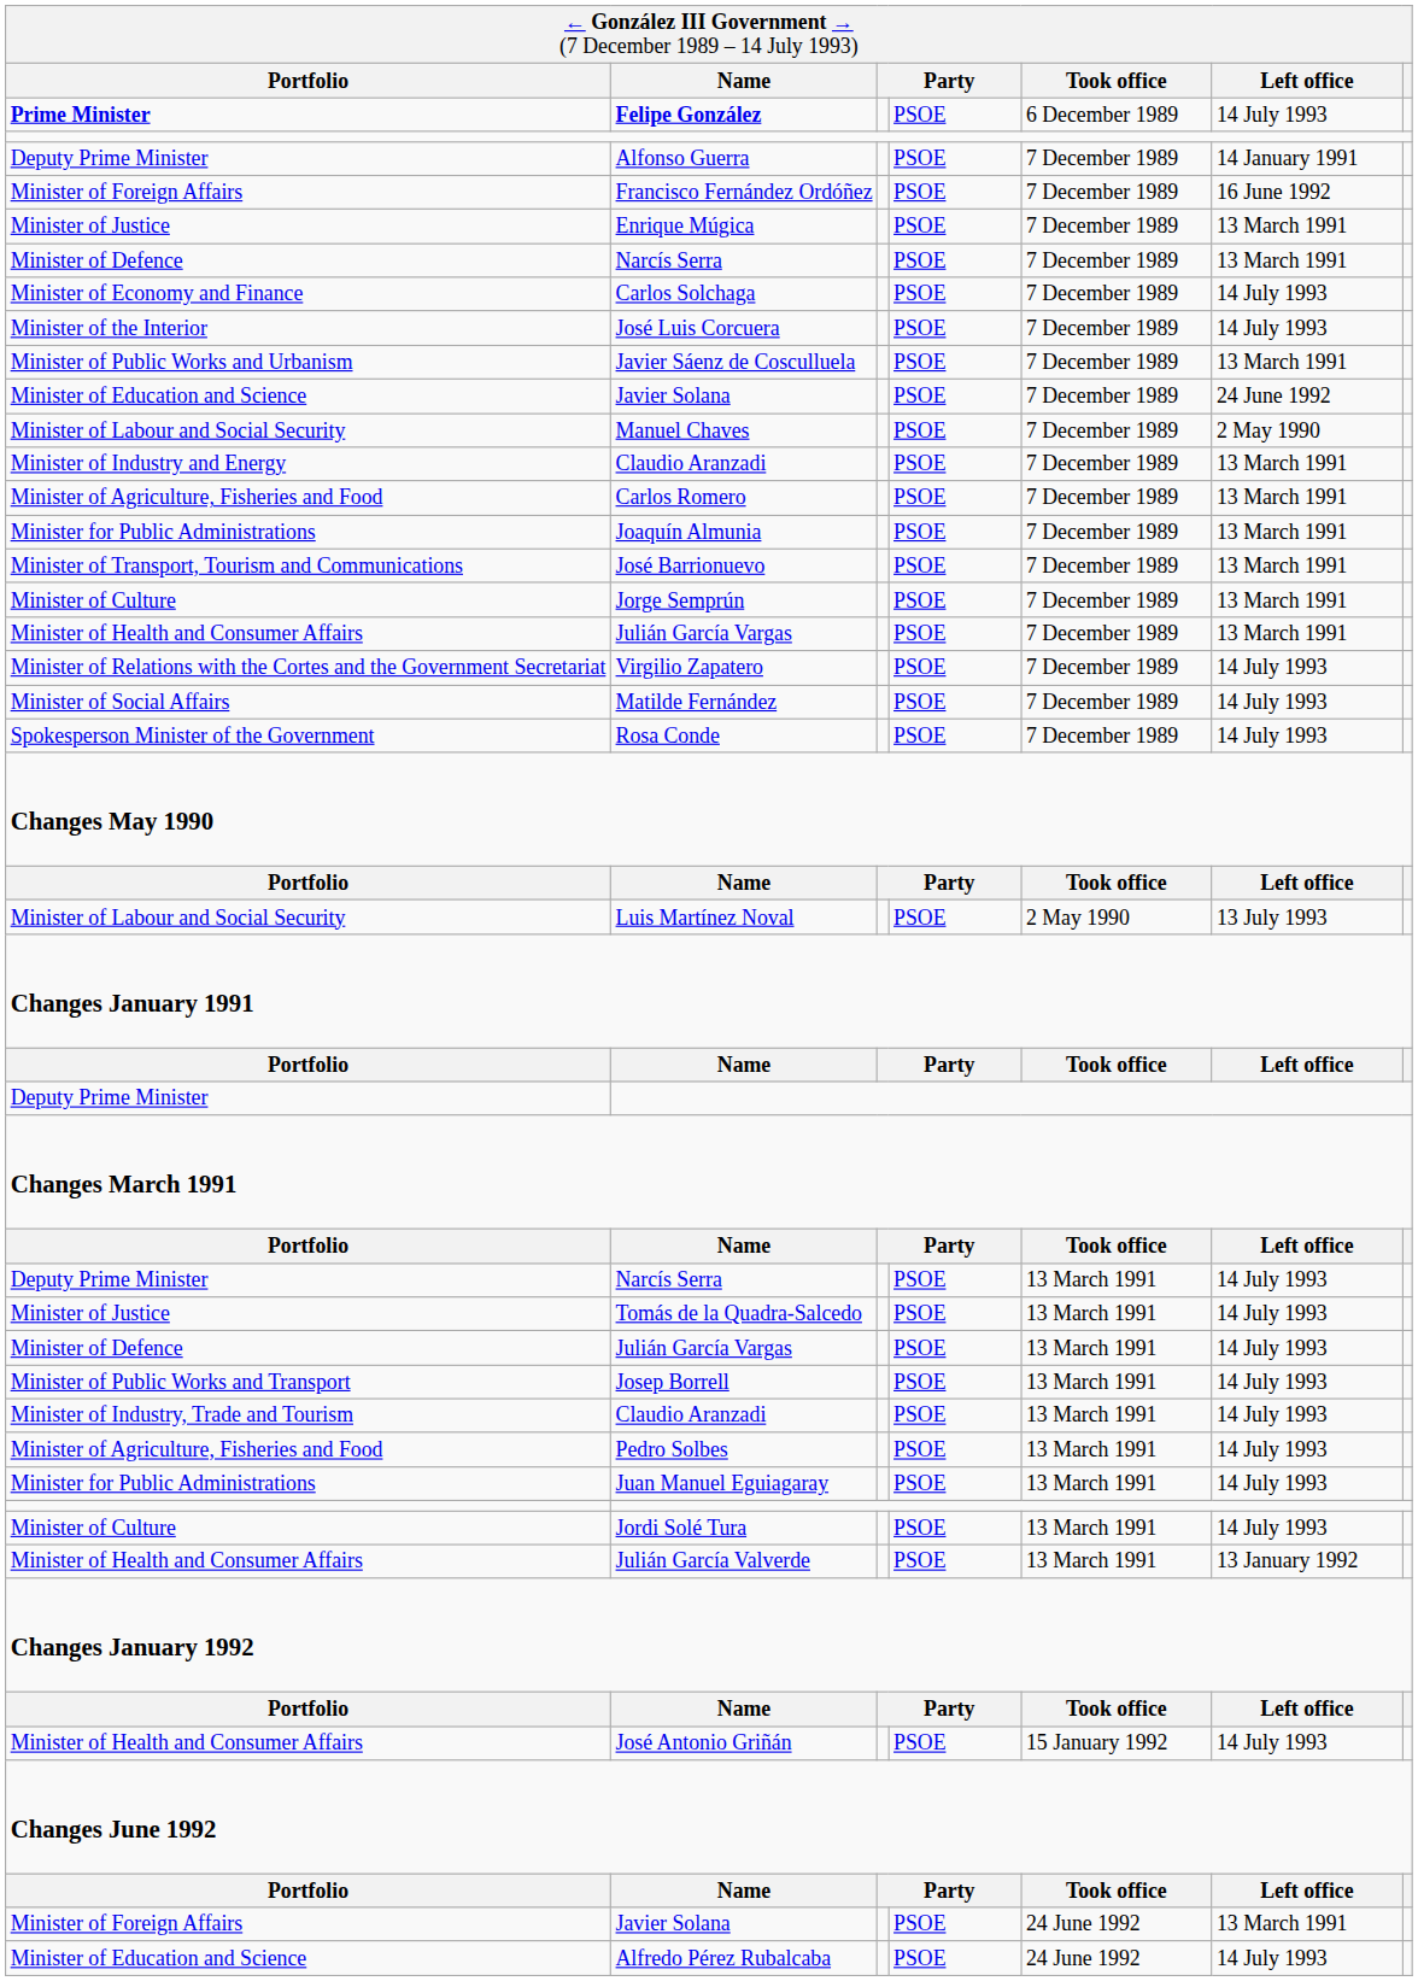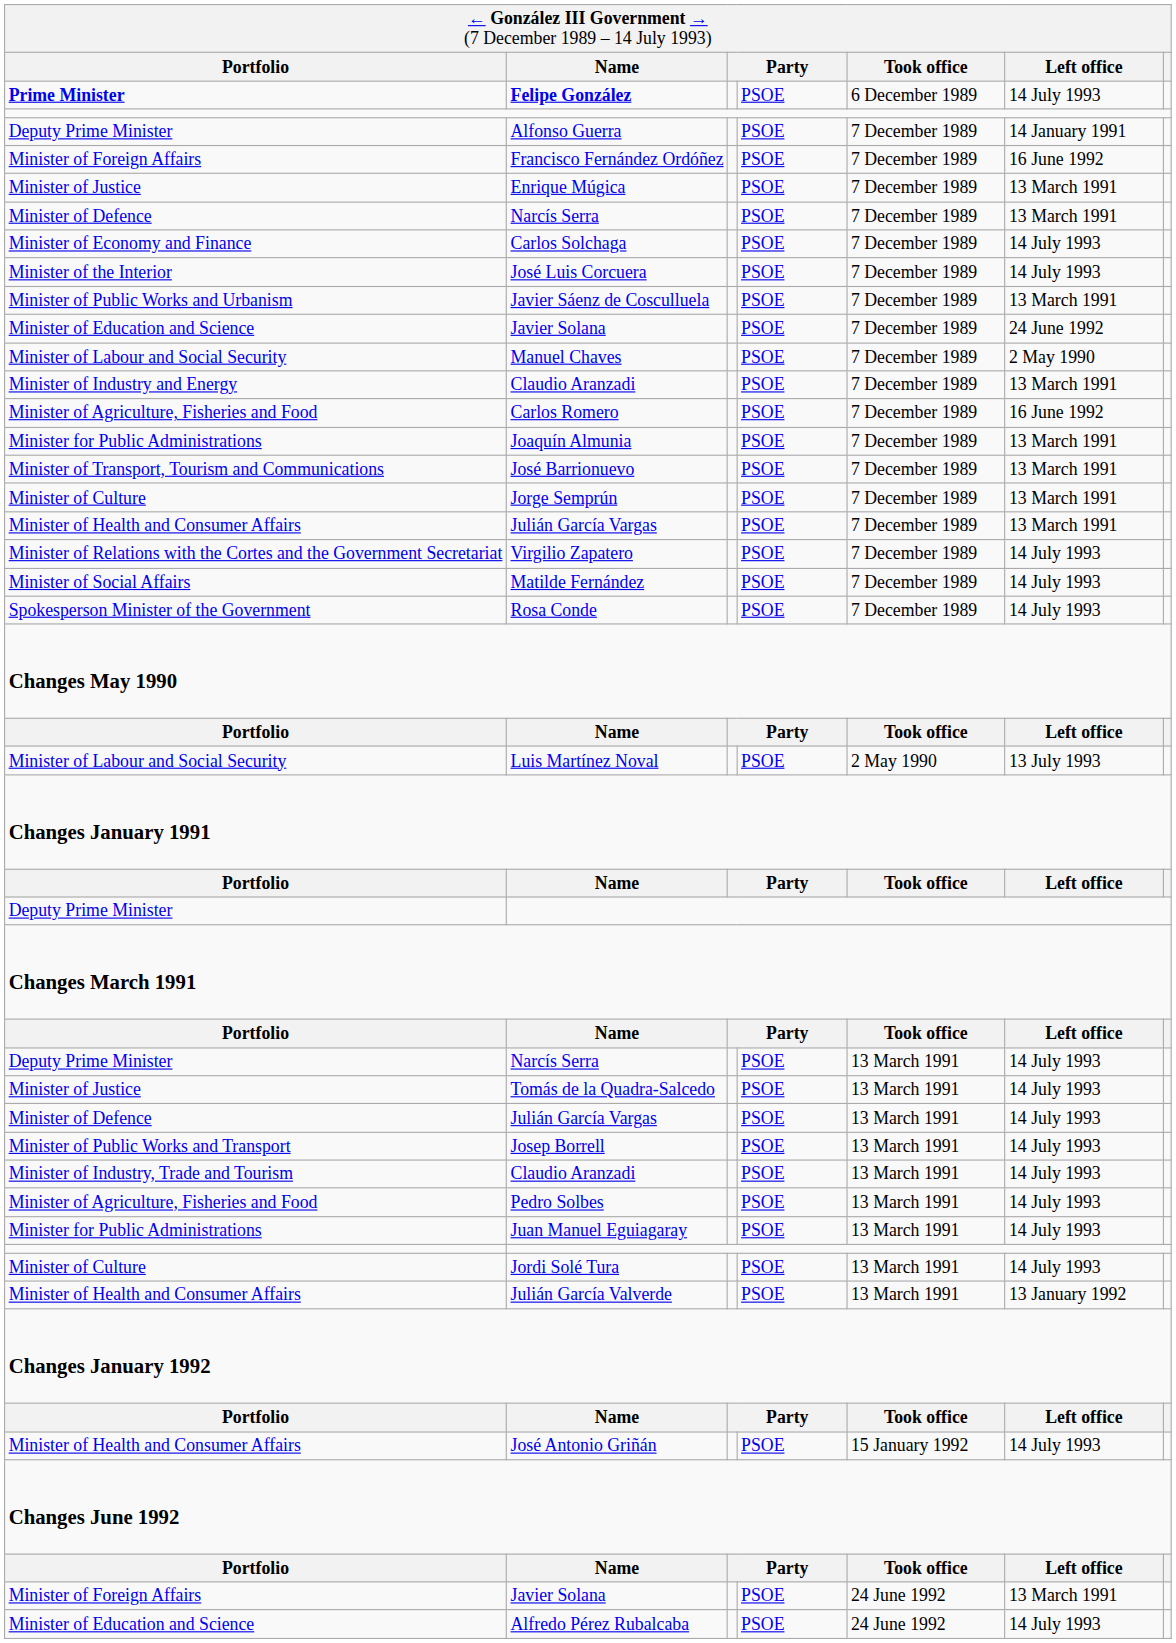 <table class="wikitable">
 <tr>
 <td colspan="7" bgcolor="#F2F2F2" align="center"><a href='#'>←</a> <strong>González III Government</strong> <a href='#'>→</a><br>(7 December 1989 – 14 July 1993)</td>
 </tr>
 <tr>
 <th>Portfolio</th>
 <th>Name</th>
 <th width="100px" colspan="2">Party</th>
 <th width="135px">Took office</th>
 <th width="135px">Left office</th>
 <th></th>
 </tr>
 <tr>
 <td><strong><a href='#'>Prime Minister</a></strong></td>
 <td><strong><a href='#'>Felipe González</a></strong></td>
 <td width="1" style="background-color:"></td>
 <td><a href='#'>PSOE</a></td>
 <td>6 December 1989</td>
 <td>14 July 1993</td>
 <td align="center"></td>
 </tr>
 <tr>
 <td colspan="7"></td>
 </tr>
 <tr>
 <td><a href='#'>Deputy Prime Minister</a></td>
 <td><a href='#'>Alfonso Guerra</a></td>
 <td style="background-color:"></td>
 <td><a href='#'>PSOE</a></td>
 <td>7 December 1989</td>
 <td>14 January 1991</td>
 <td align="center"></td>
 </tr>
 <tr>
 <td><a href='#'>Minister of Foreign Affairs</a></td>
 <td><a href='#'>Francisco Fernández Ordóñez</a></td>
 <td style="background-color:"></td>
 <td><a href='#'>PSOE</a></td>
 <td>7 December 1989</td>
 <td>16 June 1992</td>
 <td align="center"></td>
 </tr>
 <tr>
 <td><a href='#'>Minister of Justice</a></td>
 <td><a href='#'>Enrique Múgica</a></td>
 <td style="background-color:"></td>
 <td><a href='#'>PSOE</a></td>
 <td>7 December 1989</td>
 <td>13 March 1991</td>
 <td align="center"></td>
 </tr>
 <tr>
 <td><a href='#'>Minister of Defence</a></td>
 <td><a href='#'>Narcís Serra</a></td>
 <td style="background-color:"></td>
 <td><a href='#'>PSOE</a> </td>
 <td>7 December 1989</td>
 <td>13 March 1991</td>
 <td align="center"></td>
 </tr>
 <tr>
 <td><a href='#'>Minister of Economy and Finance</a></td>
 <td><a href='#'>Carlos Solchaga</a></td>
 <td style="background-color:"></td>
 <td><a href='#'>PSOE</a></td>
 <td>7 December 1989</td>
 <td>14 July 1993</td>
 <td align="center"></td>
 </tr>
 <tr>
 <td><a href='#'>Minister of the Interior</a></td>
 <td><a href='#'>José Luis Corcuera</a></td>
 <td style="background-color:"></td>
 <td><a href='#'>PSOE</a></td>
 <td>7 December 1989</td>
 <td>14 July 1993</td>
 <td align="center"></td>
 </tr>
 <tr>
 <td><a href='#'>Minister of Public Works and Urbanism</a></td>
 <td><a href='#'>Javier Sáenz de Cosculluela</a></td>
 <td style="background-color:"></td>
 <td><a href='#'>PSOE</a></td>
 <td>7 December 1989</td>
 <td>13 March 1991</td>
 <td align="center"></td>
 </tr>
 <tr>
 <td><a href='#'>Minister of Education and Science</a></td>
 <td><a href='#'>Javier Solana</a></td>
 <td style="background-color:"></td>
 <td><a href='#'>PSOE</a></td>
 <td>7 December 1989</td>
 <td>24 June 1992</td>
 <td align="center"></td>
 </tr>
 <tr>
 <td><a href='#'>Minister of Labour and Social Security</a></td>
 <td><a href='#'>Manuel Chaves</a></td>
 <td style="background-color:"></td>
 <td><a href='#'>PSOE</a></td>
 <td>7 December 1989</td>
 <td>2 May 1990</td>
 <td align="center"></td>
 </tr>
 <tr>
 <td><a href='#'>Minister of Industry and Energy</a></td>
 <td><a href='#'>Claudio Aranzadi</a></td>
 <td style="background-color:"></td>
 <td><a href='#'>PSOE</a> </td>
 <td>7 December 1989</td>
 <td>13 March 1991</td>
 <td align="center"></td>
 </tr>
 <tr>
 <td><a href='#'>Minister of Agriculture, Fisheries and Food</a></td>
 <td><a href='#'>Carlos Romero</a></td>
 <td style="background-color:"></td>
 <td><a href='#'>PSOE</a></td>
 <td>7 December 1989</td>
-<td>13 March 1991</td>
+<td>16 June 1992</td>
 <td align="center"></td>
 </tr>
 <tr>
 <td><a href='#'>Minister for Public Administrations</a></td>
 <td><a href='#'>Joaquín Almunia</a></td>
 <td style="background-color:"></td>
 <td><a href='#'>PSOE</a></td>
 <td>7 December 1989</td>
 <td>13 March 1991</td>
 <td align="center"></td>
 </tr>
 <tr>
 <td><a href='#'>Minister of Transport, Tourism and Communications</a></td>
 <td><a href='#'>José Barrionuevo</a></td>
 <td style="background-color:"></td>
 <td><a href='#'>PSOE</a></td>
 <td>7 December 1989</td>
 <td>13 March 1991</td>
 <td align="center"></td>
 </tr>
 <tr>
 <td><a href='#'>Minister of Culture</a></td>
 <td><a href='#'>Jorge Semprún</a></td>
 <td style="background-color:"></td>
 <td><a href='#'>PSOE</a> </td>
 <td>7 December 1989</td>
 <td>13 March 1991</td>
 <td align="center"></td>
 </tr>
 <tr>
 <td><a href='#'>Minister of Health and Consumer Affairs</a></td>
 <td><a href='#'>Julián García Vargas</a></td>
 <td style="background-color:"></td>
 <td><a href='#'>PSOE</a></td>
 <td>7 December 1989</td>
 <td>13 March 1991</td>
 <td align="center"></td>
 </tr>
 <tr>
 <td><a href='#'>Minister of Relations with the Cortes and the Government Secretariat</a></td>
 <td><a href='#'>Virgilio Zapatero</a></td>
 <td style="background-color:"></td>
 <td><a href='#'>PSOE</a></td>
 <td>7 December 1989</td>
 <td>14 July 1993</td>
 <td align="center"></td>
 </tr>
 <tr>
 <td><a href='#'>Minister of Social Affairs</a></td>
 <td><a href='#'>Matilde Fernández</a></td>
 <td style="background-color:"></td>
 <td><a href='#'>PSOE</a></td>
 <td>7 December 1989</td>
 <td>14 July 1993</td>
 <td align="center"></td>
 </tr>
 <tr>
 <td><a href='#'>Spokesperson Minister of the Government</a></td>
 <td><a href='#'>Rosa Conde</a></td>
 <td style="background-color:"></td>
 <td><a href='#'>PSOE</a> </td>
 <td>7 December 1989</td>
 <td>14 July 1993</td>
 <td align="center"></td>
 </tr>
 <tr>
 <td colspan="7"><br><h3>Changes May 1990</h3></td>
 </tr>
 <tr>
 <th>Portfolio</th>
 <th>Name</th>
 <th colspan="2">Party</th>
 <th>Took office</th>
 <th>Left office</th>
 <th></th>
 </tr>
 <tr>
 <td><a href='#'>Minister of Labour and Social Security</a></td>
 <td><a href='#'>Luis Martínez Noval</a></td>
 <td style="background-color:"></td>
 <td><a href='#'>PSOE</a></td>
 <td>2 May 1990</td>
 <td>13 July 1993</td>
 <td align="center"></td>
 </tr>
 <tr>
 <td colspan="7"><br><h3>Changes January 1991</h3></td>
 </tr>
 <tr>
 <th>Portfolio</th>
 <th>Name</th>
 <th colspan="2">Party</th>
 <th>Took office</th>
 <th>Left office</th>
 <th></th>
 </tr>
 <tr>
 <td><a href='#'>Deputy Prime Minister</a></td>
 <td colspan="6"></td>
 </tr>
 <tr>
 <td colspan="7"><br><h3>Changes March 1991</h3></td>
 </tr>
 <tr>
 <th>Portfolio</th>
 <th>Name</th>
 <th colspan="2">Party</th>
 <th>Took office</th>
 <th>Left office</th>
 <th></th>
 </tr>
 <tr>
 <td><a href='#'>Deputy Prime Minister</a></td>
 <td><a href='#'>Narcís Serra</a></td>
 <td style="background-color:"></td>
 <td><a href='#'>PSOE</a> </td>
 <td>13 March 1991</td>
 <td>14 July 1993</td>
 <td align="center"></td>
 </tr>
 <tr>
 <td><a href='#'>Minister of Justice</a></td>
 <td><a href='#'>Tomás de la Quadra-Salcedo</a></td>
 <td style="background-color:"></td>
 <td><a href='#'>PSOE</a></td>
 <td>13 March 1991</td>
 <td>14 July 1993</td>
 <td align="center"></td>
 </tr>
 <tr>
 <td><a href='#'>Minister of Defence</a></td>
 <td><a href='#'>Julián García Vargas</a></td>
 <td style="background-color:"></td>
 <td><a href='#'>PSOE</a></td>
 <td>13 March 1991</td>
 <td>14 July 1993</td>
 <td align="center"></td>
 </tr>
 <tr>
 <td><a href='#'>Minister of Public Works and Transport</a></td>
 <td><a href='#'>Josep Borrell</a></td>
 <td style="background-color:"></td>
 <td><a href='#'>PSOE</a></td>
 <td>13 March 1991</td>
 <td>14 July 1993</td>
 <td align="center"></td>
 </tr>
 <tr>
 <td><a href='#'>Minister of Industry, Trade and Tourism</a></td>
 <td><a href='#'>Claudio Aranzadi</a></td>
 <td style="background-color:"></td>
 <td><a href='#'>PSOE</a> </td>
 <td>13 March 1991</td>
 <td>14 July 1993</td>
 <td align="center"></td>
 </tr>
 <tr>
 <td><a href='#'>Minister of Agriculture, Fisheries and Food</a></td>
 <td><a href='#'>Pedro Solbes</a></td>
 <td style="background-color:"></td>
 <td><a href='#'>PSOE</a> </td>
 <td>13 March 1991</td>
 <td>14 July 1993</td>
 <td align="center"></td>
 </tr>
 <tr>
 <td><a href='#'>Minister for Public Administrations</a></td>
 <td><a href='#'>Juan Manuel Eguiagaray</a></td>
 <td style="background-color:"></td>
 <td><a href='#'>PSOE</a></td>
 <td>13 March 1991</td>
 <td>14 July 1993</td>
 <td align="center"></td>
 </tr>
 <tr>
 <td></td>
 <td colspan="6"></td>
 </tr>
 <tr>
 <td><a href='#'>Minister of Culture</a></td>
 <td><a href='#'>Jordi Solé Tura</a></td>
 <td style="background-color:"></td>
 <td><a href='#'>PSOE</a> </td>
 <td>13 March 1991</td>
 <td>14 July 1993</td>
 <td align="center"></td>
 </tr>
 <tr>
 <td><a href='#'>Minister of Health and Consumer Affairs</a></td>
 <td><a href='#'>Julián García Valverde</a></td>
 <td style="background-color:"></td>
 <td><a href='#'>PSOE</a></td>
 <td>13 March 1991</td>
 <td>13 January 1992</td>
 <td align="center"></td>
 </tr>
 <tr>
 <td colspan="7"><br><h3>Changes January 1992</h3></td>
 </tr>
 <tr>
 <th>Portfolio</th>
 <th>Name</th>
 <th colspan="2">Party</th>
 <th>Took office</th>
 <th>Left office</th>
 <th></th>
 </tr>
 <tr>
 <td><a href='#'>Minister of Health and Consumer Affairs</a></td>
 <td><a href='#'>José Antonio Griñán</a></td>
 <td style="background-color:"></td>
 <td><a href='#'>PSOE</a></td>
 <td>15 January 1992</td>
 <td>14 July 1993</td>
 <td align="center"></td>
 </tr>
 <tr>
 <td colspan="7"><br><h3>Changes June 1992</h3></td>
 </tr>
 <tr>
 <th>Portfolio</th>
 <th>Name</th>
 <th colspan="2">Party</th>
 <th>Took office</th>
 <th>Left office</th>
 <th></th>
 </tr>
 <tr>
 <td><a href='#'>Minister of Foreign Affairs</a></td>
 <td><a href='#'>Javier Solana</a></td>
 <td style="background-color:"></td>
 <td><a href='#'>PSOE</a></td>
 <td>24 June 1992</td>
 <td>13 March 1991</td>
 <td align="center"></td>
 </tr>
 <tr>
 <td><a href='#'>Minister of Education and Science</a></td>
 <td><a href='#'>Alfredo Pérez Rubalcaba</a></td>
 <td style="background-color:"></td>
 <td><a href='#'>PSOE</a></td>
 <td>24 June 1992</td>
 <td>14 July 1993</td>
 <td align="center"></td>
 </tr>
 </table>
